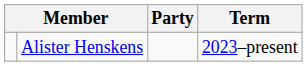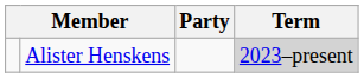 <table class="wikitable">
 <tr>
 <th colspan="2">Member</th>
 <th>Party</th>
 <th>Term</th>
 </tr>
 <tr>
 <td> </td>
 <td><a href='#'>Alister Henskens</a></td>
 <td></td>
-<td><a href='#'>2023</a>–present</td>
+<td style="background: lightgrey;"><a href='#'>2023</a>–present</td>
 </tr>
 </table>
